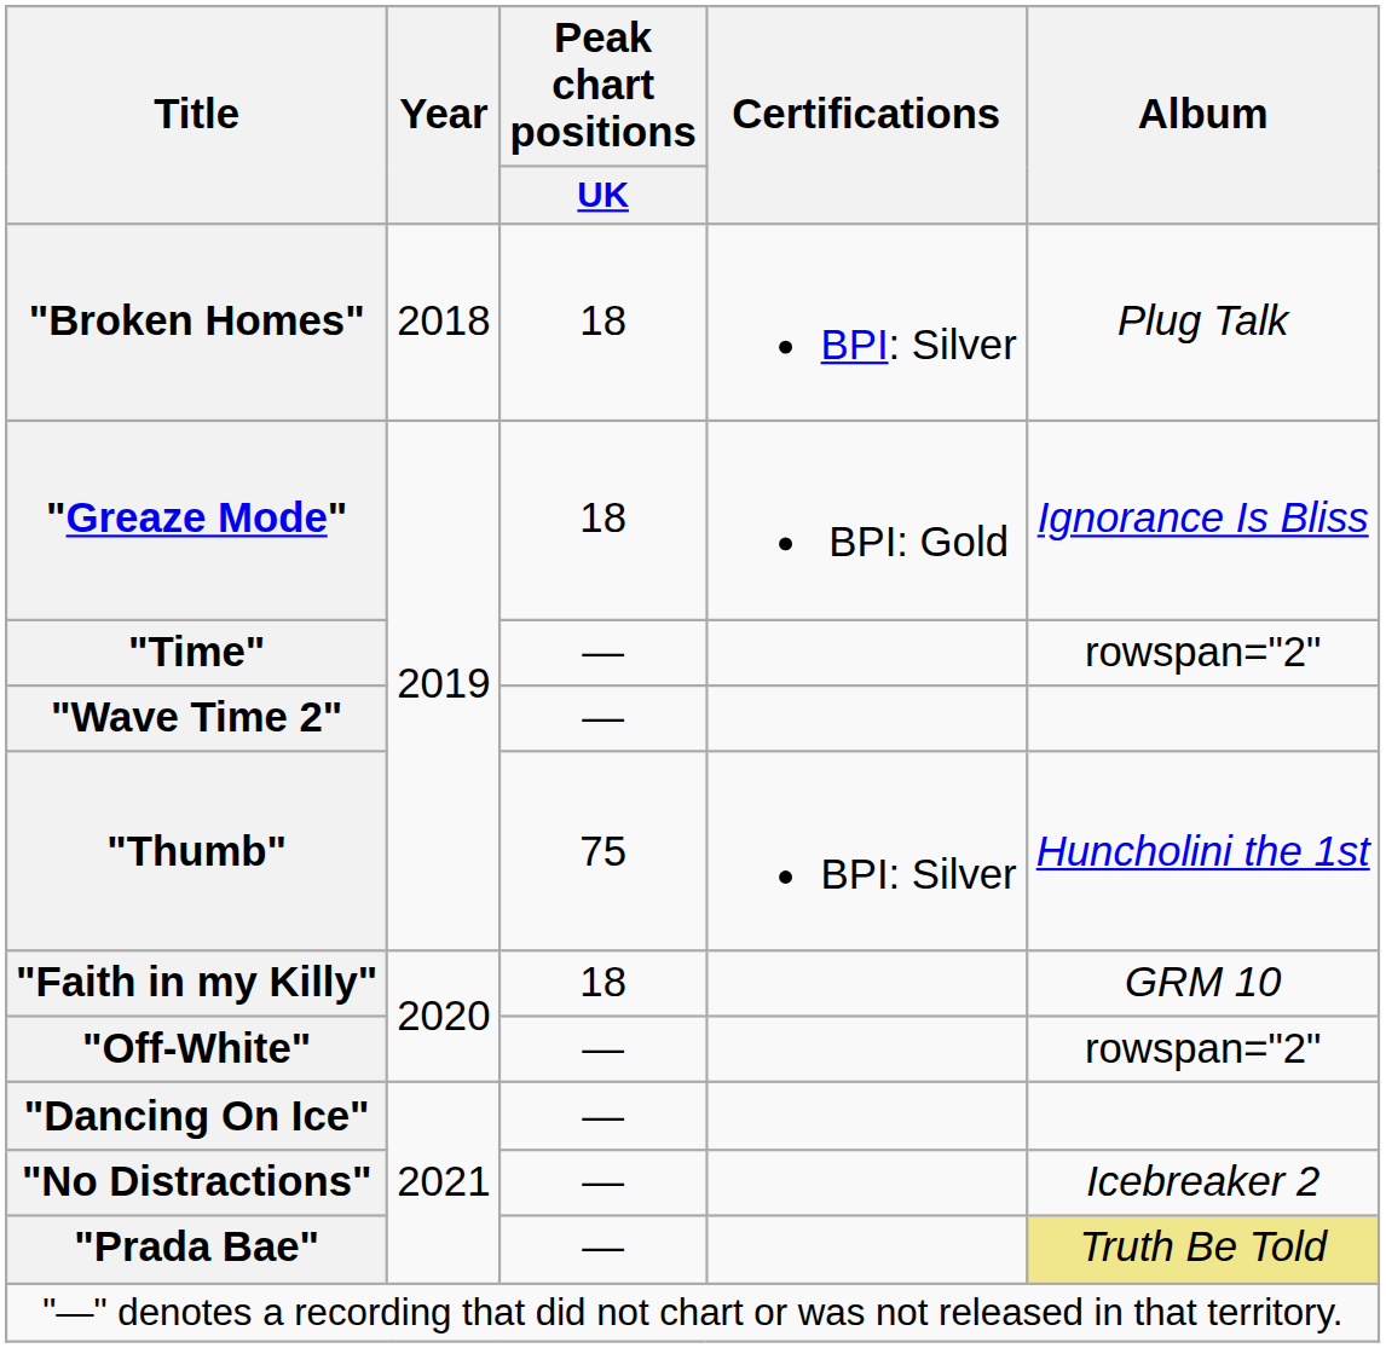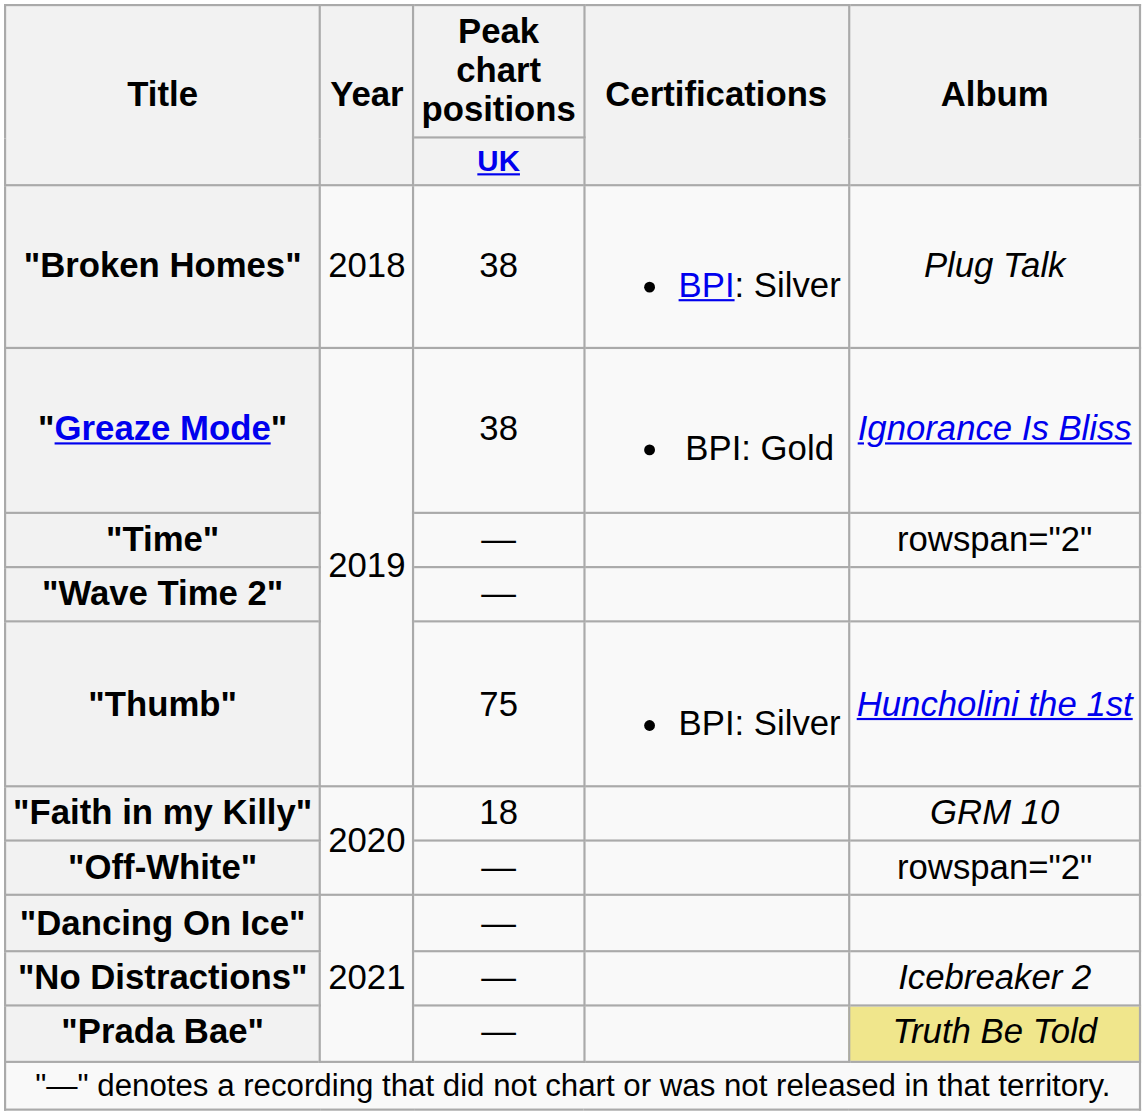 <table class="wikitable plainrowheaders" style="text-align:center;">
 <tr>
 <th scope="col" rowspan="2">Title</th>
 <th scope="col" rowspan="2">Year</th>
 <th scope="col" colspan="1">Peak chart positions</th>
 <th scope="col" rowspan="2">Certifications</th>
 <th scope="col" rowspan="2">Album</th>
 </tr>
 <tr>
 <th scope="col" style="width:3em;font-size:85%;"><a href='#'>UK</a><br></th>
 </tr>
 <tr>
 <th scope="row">"Broken Homes"<br></th>
 <td>2018</td>
-<td>18</td>
+<td>38</td>
 <td><br><ul><li><a href='#'>BPI</a>: Silver</li></ul></td>
 <td><em>Plug Talk</em></td>
 </tr>
 <tr>
 <th scope="row">"<a href='#'>Greaze Mode</a>"<br></th>
 <td rowspan="4">2019</td>
-<td>18</td>
+<td>38</td>
 <td><br><ul><li>BPI: Gold</li></ul></td>
 <td><em><a href='#'>Ignorance Is Bliss</a></em></td>
 </tr>
 <tr>
 <th scope="row">"Time"<br></th>
 <td>—</td>
 <td></td>
 <td>rowspan="2" </td>
 </tr>
 <tr>
 <th scope="row">"Wave Time 2"<br></th>
 <td>—</td>
 <td></td>
 </tr>
 <tr>
 <th scope="row">"Thumb"<br></th>
 <td>75</td>
 <td><br><ul><li>BPI: Silver</li></ul></td>
 <td><em><a href='#'>Huncholini the 1st</a></em></td>
 </tr>
 <tr>
 <th scope="row">"Faith in my Killy"<br></th>
 <td rowspan="2">2020</td>
 <td>18</td>
 <td></td>
 <td><em>GRM 10</em></td>
 </tr>
 <tr>
 <th scope="row">"Off-White"<br></th>
 <td>—</td>
 <td></td>
 <td>rowspan="2" </td>
 </tr>
 <tr>
 <th scope="row">"Dancing On Ice"<br></th>
 <td rowspan="3">2021</td>
 <td>—</td>
 <td></td>
 </tr>
 <tr>
 <th scope="row">"No Distractions"<br></th>
 <td>—</td>
 <td></td>
 <td><em>Icebreaker 2</em></td>
 </tr>
 <tr>
 <th scope="row">"Prada Bae"<br></th>
 <td>—</td>
 <td></td>
 <td style="background: khaki;"><em>Truth Be Told</em></td>
 </tr>
 <tr>
 <td colspan="5" style="font-size:90%">"—" denotes a recording that did not chart or was not released in that territory.</td>
 </tr>
 </table>
